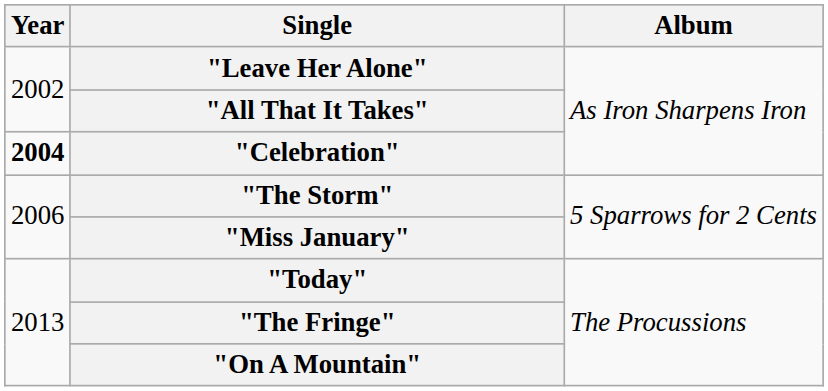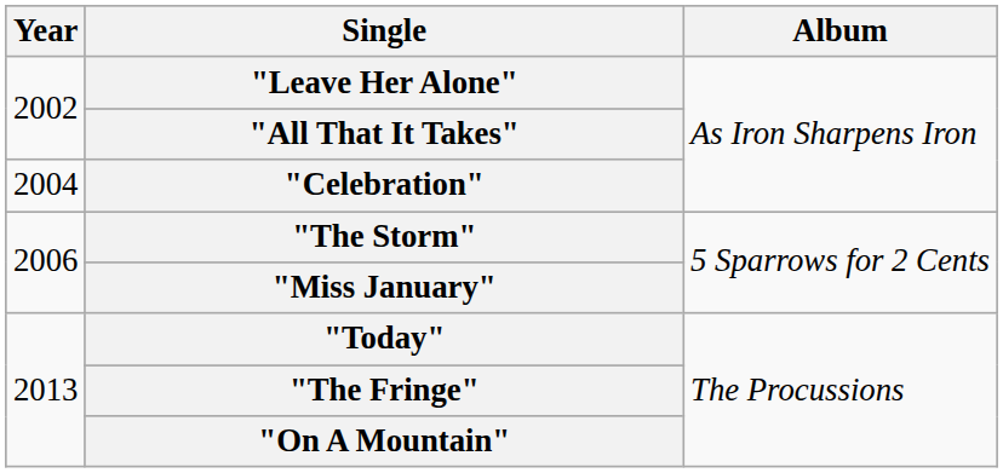 <table class="wikitable plainrowheaders">
 <tr>
 <th>Year</th>
 <th style="width:18em;">Single</th>
 <th>Album</th>
 </tr>
 <tr>
 <td rowspan="2">2002</td>
 <th scope="row">"Leave Her Alone"</th>
 <td rowspan="3"><em>As Iron Sharpens Iron</em></td>
 </tr>
 <tr>
 <th scope="row">"All That It Takes"</th>
 </tr>
 <tr>
-<td><strong>2004</strong></td>
+<td>2004</td>
 <th scope="row">"Celebration"</th>
 </tr>
 <tr>
 <td rowspan="2">2006</td>
 <th scope="row">"The Storm"</th>
 <td rowspan="2"><em>5 Sparrows for 2 Cents</em></td>
 </tr>
 <tr>
 <th scope="row">"Miss January"</th>
 </tr>
 <tr>
 <td rowspan="3">2013</td>
 <th scope="row">"Today"</th>
 <td rowspan="3"><em>The Procussions</em></td>
 </tr>
 <tr>
 <th scope="row">"The Fringe"</th>
 </tr>
 <tr>
 <th scope="row">"On A Mountain"</th>
 </tr>
 </table>
